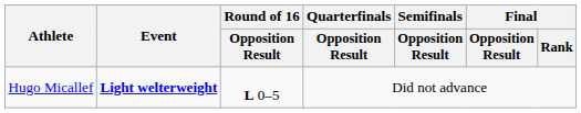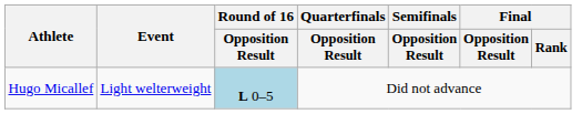 <table class="wikitable" style="font-size:90%">
 <tr>
 <th rowspan="2">Athlete</th>
 <th rowspan="2">Event</th>
 <th>Round of 16</th>
 <th>Quarterfinals</th>
 <th>Semifinals</th>
 <th colspan="2">Final</th>
 </tr>
 <tr style="font-size:95%">
 <th>Opposition<br>Result</th>
 <th>Opposition<br>Result</th>
 <th>Opposition<br>Result</th>
 <th>Opposition<br>Result</th>
 <th>Rank</th>
 </tr>
 <tr align="center">
 <td align="left"><a href='#'>Hugo Micallef</a></td>
-<td align="left"><strong><a href='#'>Light welterweight</a></strong></td>
-<td><br><strong>L</strong> 0–5</td>
+<td align="left"><a href='#'>Light welterweight</a></td>
+<td style="background: lightblue;"><br><strong>L</strong> 0–5</td>
 <td colspan="4">Did not advance</td>
 </tr>
 </table>
